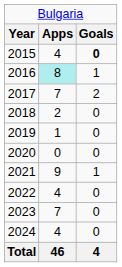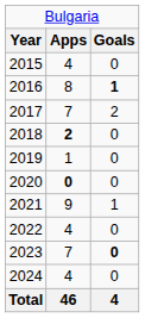 <table class="wikitable" style="text-align:center">
 <tr>
 <td colspan=3><a href='#'>Bulgaria</a></td>
 </tr>
 <tr>
 <th>Year</th>
 <th>Apps</th>
 <th>Goals</th>
 </tr>
 <tr>
 <td>2015</td>
 <td>4</td>
-<td><strong>0</strong></td>
+<td>0</td>
 </tr>
 <tr>
 <td>2016</td>
-<td style="background: paleturquoise;">8</td>
-<td>1</td>
+<td>8</td>
+<td><strong>1</strong></td>
 </tr>
 <tr>
 <td>2017</td>
 <td>7</td>
 <td>2</td>
 </tr>
 <tr>
 <td>2018</td>
-<td>2</td>
+<td><strong>2</strong></td>
 <td>0</td>
 </tr>
 <tr>
 <td>2019</td>
 <td>1</td>
 <td>0</td>
 </tr>
 <tr>
 <td>2020</td>
-<td>0</td>
+<td><strong>0</strong></td>
 <td>0</td>
 </tr>
 <tr>
 <td>2021</td>
 <td>9</td>
 <td>1</td>
 </tr>
 <tr>
 <td>2022</td>
 <td>4</td>
 <td>0</td>
 </tr>
 <tr>
 <td>2023</td>
 <td>7</td>
-<td>0</td>
+<td><strong>0</strong></td>
 </tr>
 <tr>
 <td>2024</td>
 <td>4</td>
 <td>0</td>
 </tr>
 <tr>
 <th>Total</th>
 <th>46</th>
 <th>4</th>
 </tr>
 </table>
